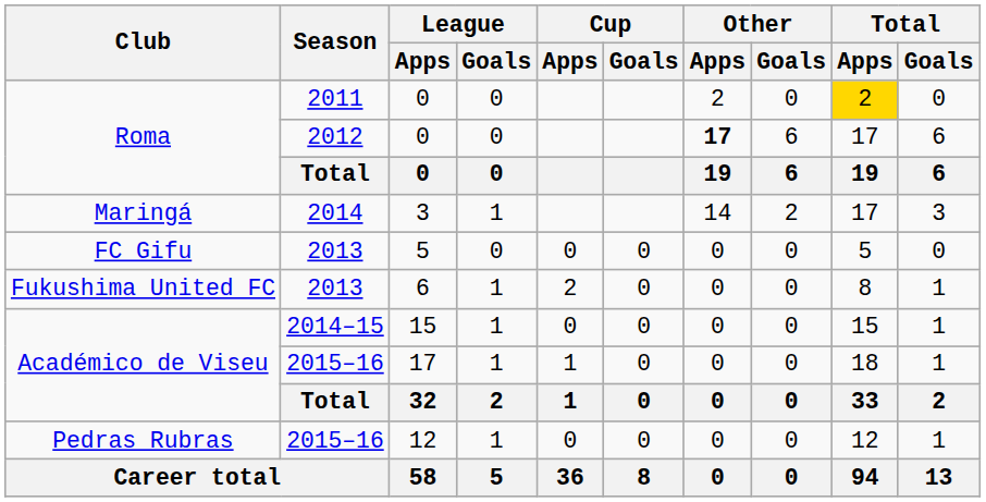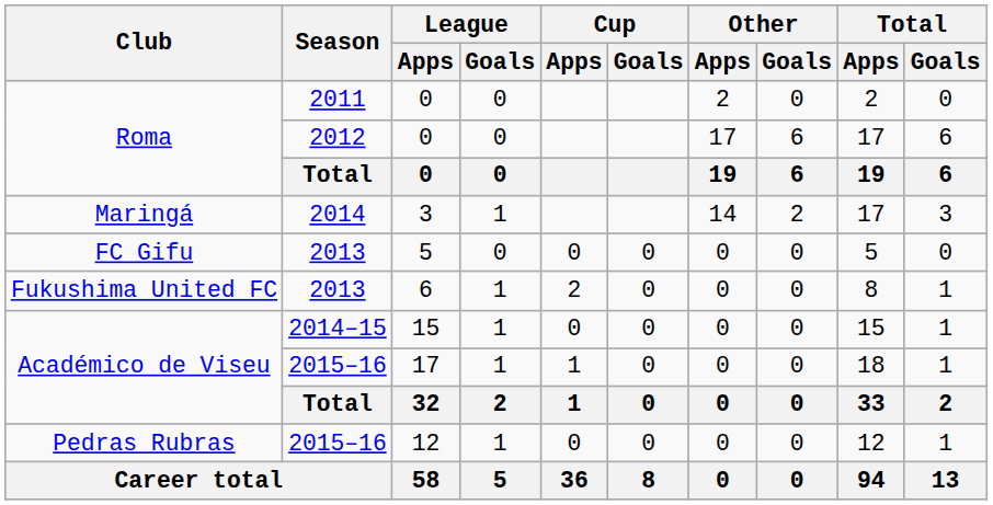 <table class="wikitable" style="text-align:center">
 <tr>
 <th rowspan="2">Club</th>
 <th rowspan="2">Season</th>
 <th colspan="2">League</th>
 <th colspan="2">Cup</th>
 <th colspan="2">Other</th>
 <th colspan="2">Total</th>
 </tr>
 <tr>
 <th>Apps</th>
 <th>Goals</th>
 <th>Apps</th>
 <th>Goals</th>
 <th>Apps</th>
 <th>Goals</th>
 <th>Apps</th>
 <th>Goals</th>
 </tr>
 <tr>
 <td rowspan="3"><a href='#'>Roma</a></td>
 <td><a href='#'>2011</a></td>
 <td>0</td>
 <td>0</td>
 <td></td>
 <td></td>
 <td>2</td>
 <td>0</td>
-<td style="background: gold;">2</td>
+<td>2</td>
 <td>0</td>
 </tr>
 <tr>
 <td><a href='#'>2012</a></td>
 <td>0</td>
 <td>0</td>
 <td></td>
 <td></td>
-<td><strong>17</strong></td>
+<td>17</td>
 <td>6</td>
 <td>17</td>
 <td>6</td>
 </tr>
 <tr>
 <th colspan="1">Total</th>
 <th>0</th>
 <th>0</th>
 <th></th>
 <th></th>
 <th>19</th>
 <th>6</th>
 <th>19</th>
 <th>6</th>
 </tr>
 <tr>
 <td><a href='#'>Maringá</a></td>
 <td><a href='#'>2014</a></td>
 <td>3</td>
 <td>1</td>
 <td></td>
 <td></td>
 <td>14</td>
 <td>2</td>
 <td>17</td>
 <td>3</td>
 </tr>
 <tr>
 <td><a href='#'>FC Gifu</a></td>
 <td><a href='#'>2013</a></td>
 <td>5</td>
 <td>0</td>
 <td>0</td>
 <td>0</td>
 <td>0</td>
 <td>0</td>
 <td>5</td>
 <td>0</td>
 </tr>
 <tr>
 <td><a href='#'>Fukushima United FC</a></td>
 <td><a href='#'>2013</a></td>
 <td>6</td>
 <td>1</td>
 <td>2</td>
 <td>0</td>
 <td>0</td>
 <td>0</td>
 <td>8</td>
 <td>1</td>
 </tr>
 <tr>
 <td rowspan="3"><a href='#'>Académico de Viseu</a></td>
 <td><a href='#'>2014–15</a></td>
 <td>15</td>
 <td>1</td>
 <td>0</td>
 <td>0</td>
 <td>0</td>
 <td>0</td>
 <td>15</td>
 <td>1</td>
 </tr>
 <tr>
 <td><a href='#'>2015–16</a></td>
 <td>17</td>
 <td>1</td>
 <td>1</td>
 <td>0</td>
 <td>0</td>
 <td>0</td>
 <td>18</td>
 <td>1</td>
 </tr>
 <tr>
 <th colspan="1">Total</th>
 <th>32</th>
 <th>2</th>
 <th>1</th>
 <th>0</th>
 <th>0</th>
 <th>0</th>
 <th>33</th>
 <th>2</th>
 </tr>
 <tr>
 <td><a href='#'>Pedras Rubras</a></td>
 <td><a href='#'>2015–16</a></td>
 <td>12</td>
 <td>1</td>
 <td>0</td>
 <td>0</td>
 <td>0</td>
 <td>0</td>
 <td>12</td>
 <td>1</td>
 </tr>
 <tr>
 <th colspan="2">Career total</th>
 <th>58</th>
 <th>5</th>
 <th>36</th>
 <th>8</th>
 <th>0</th>
 <th>0</th>
 <th>94</th>
 <th>13</th>
 </tr>
 </table>
